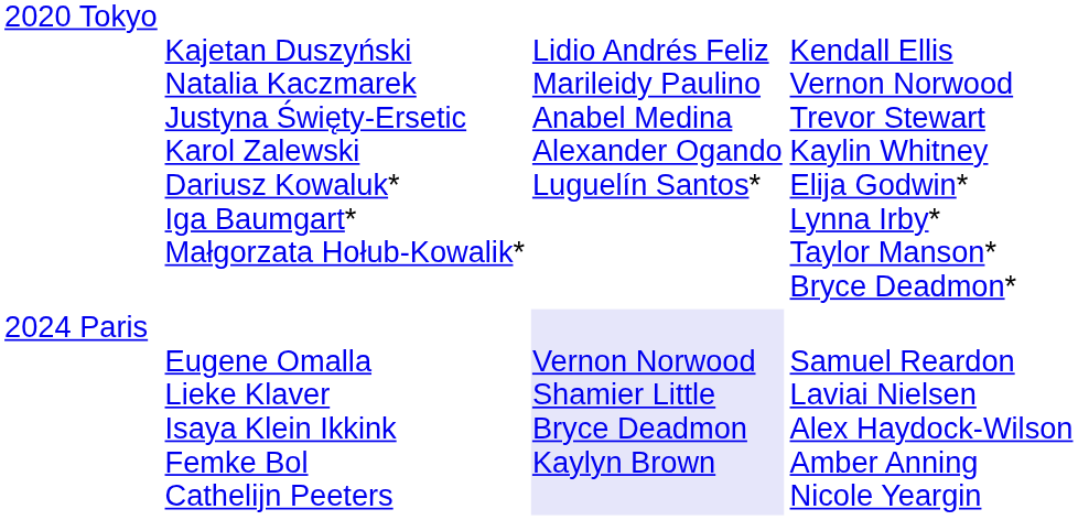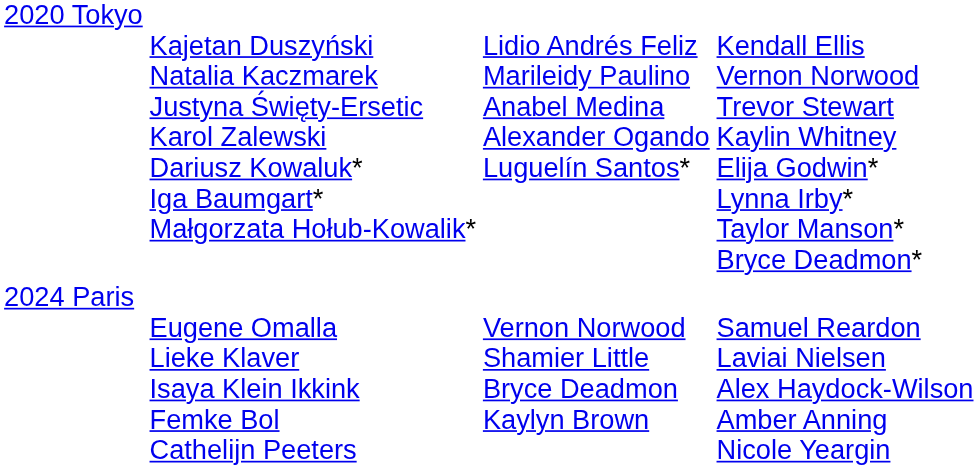 <table>
 <tr valign="top">
 <td><a href='#'>2020 Tokyo</a><br></td>
 <td><br><a href='#'>Kajetan Duszyński</a><br><a href='#'>Natalia Kaczmarek</a><br><a href='#'>Justyna Święty-Ersetic</a><br><a href='#'>Karol Zalewski</a><br><a href='#'>Dariusz Kowaluk</a>*<br><a href='#'>Iga Baumgart</a>*<br><a href='#'>Małgorzata Hołub-Kowalik</a>*</td>
 <td><br><a href='#'>Lidio Andrés Feliz</a><br><a href='#'>Marileidy Paulino</a><br><a href='#'>Anabel Medina</a><br><a href='#'>Alexander Ogando</a><br><a href='#'>Luguelín Santos</a>*</td>
 <td><br><a href='#'>Kendall Ellis</a><br><a href='#'>Vernon Norwood</a><br><a href='#'>Trevor Stewart</a><br><a href='#'>Kaylin Whitney</a><br><a href='#'>Elija Godwin</a>*<br><a href='#'>Lynna Irby</a>*<br><a href='#'>Taylor Manson</a>*<br><a href='#'>Bryce Deadmon</a>*</td>
 </tr>
 <tr valign="top">
 <td><a href='#'>2024 Paris</a><br></td>
 <td><br><a href='#'>Eugene Omalla</a><br><a href='#'>Lieke Klaver</a><br><a href='#'>Isaya Klein Ikkink</a><br><a href='#'>Femke Bol</a><br><a href='#'>Cathelijn Peeters</a></td>
-<td style="background: lavender;"><br><a href='#'>Vernon Norwood</a><br><a href='#'>Shamier Little</a><br><a href='#'>Bryce Deadmon</a><br><a href='#'>Kaylyn Brown</a></td>
+<td><br><a href='#'>Vernon Norwood</a><br><a href='#'>Shamier Little</a><br><a href='#'>Bryce Deadmon</a><br><a href='#'>Kaylyn Brown</a></td>
 <td><br><a href='#'>Samuel Reardon</a><br><a href='#'>Laviai Nielsen</a><br><a href='#'>Alex Haydock-Wilson</a><br><a href='#'>Amber Anning</a><br><a href='#'>Nicole Yeargin</a></td>
 </tr>
 <tr>
 </tr>
 </table>
